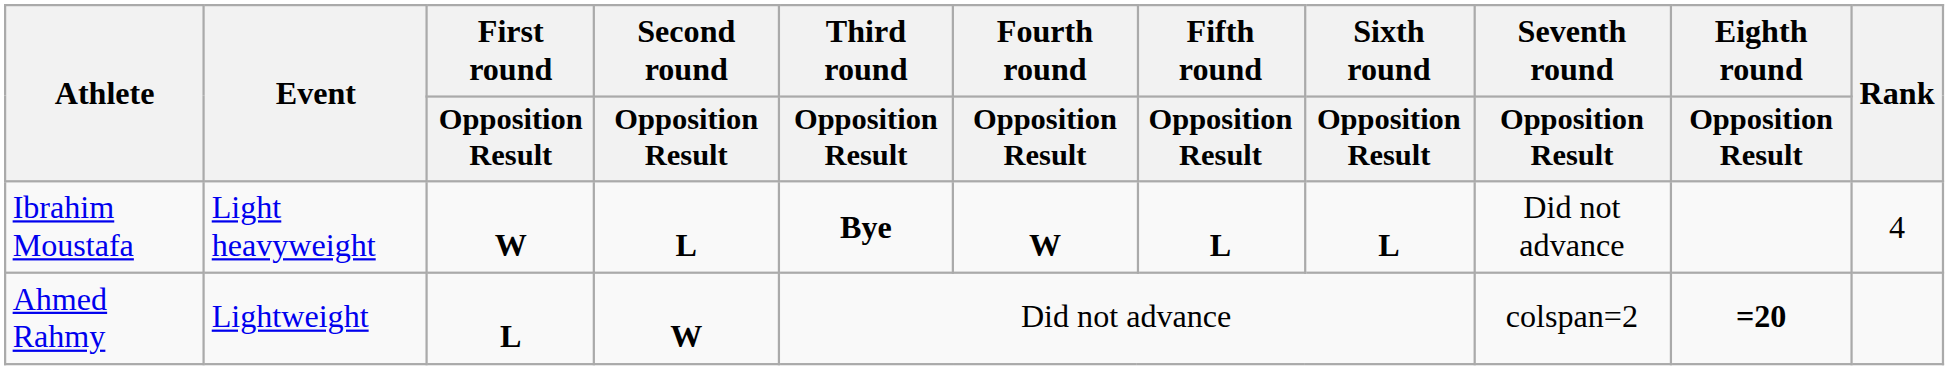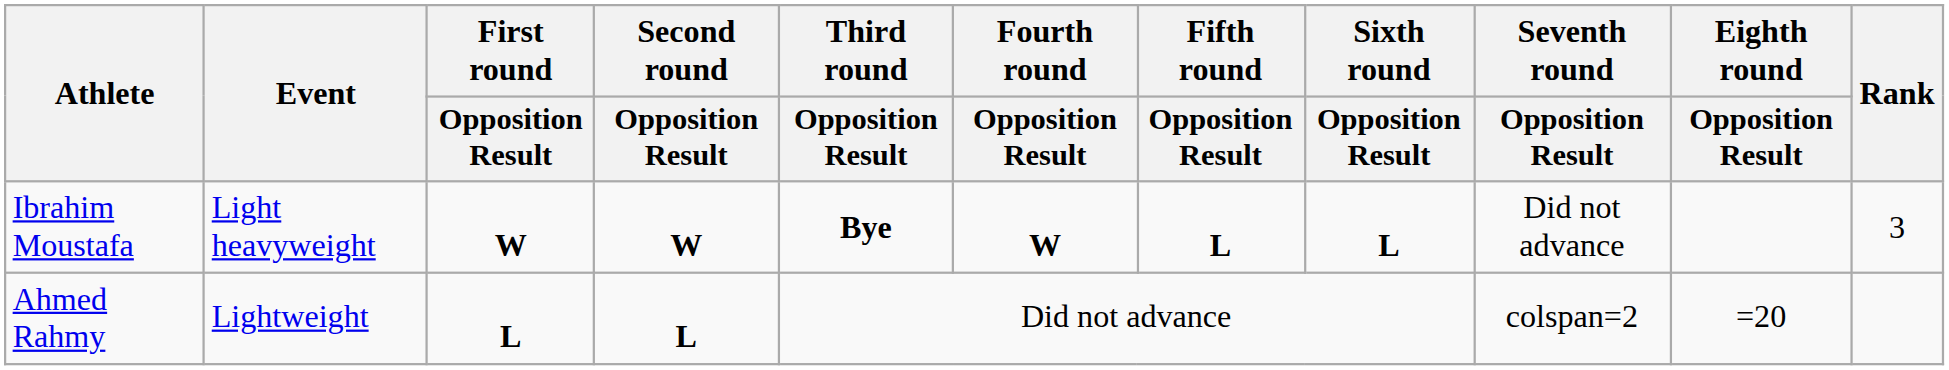 <table class="wikitable" style="font-size:90%;">
 <tr>
 <th rowspan=2>Athlete</th>
 <th rowspan=2>Event</th>
 <th>First round</th>
 <th>Second round</th>
 <th>Third round</th>
 <th>Fourth round</th>
 <th>Fifth round</th>
 <th>Sixth round</th>
 <th>Seventh round</th>
 <th>Eighth round</th>
 <th rowspan=2>Rank</th>
 </tr>
 <tr style="font-size: 95%">
 <th>Opposition<br>Result</th>
 <th>Opposition<br>Result</th>
 <th>Opposition<br>Result</th>
 <th>Opposition<br>Result</th>
 <th>Opposition<br>Result</th>
 <th>Opposition<br>Result</th>
 <th>Opposition<br>Result</th>
 <th>Opposition<br>Result</th>
 </tr>
 <tr align=center>
 <td align=left><a href='#'>Ibrahim Moustafa</a></td>
 <td align=left><a href='#'>Light heavyweight</a></td>
 <td> <br> <strong>W</strong></td>
-<td> <br> <strong>L</strong></td>
+<td> <br> <strong>W</strong></td>
 <td><strong>Bye</strong></td>
 <td> <br> <strong>W</strong></td>
 <td> <br> <strong>L</strong></td>
 <td> <br> <strong>L</strong></td>
 <td>Did not advance</td>
 <td></td>
-<td>4</td>
+<td>3</td>
 </tr>
 <tr align=center>
 <td align=left><a href='#'>Ahmed Rahmy</a></td>
 <td align=left><a href='#'>Lightweight</a></td>
 <td> <br> <strong>L</strong></td>
-<td> <br> <strong>W</strong></td>
+<td> <br> <strong>L</strong></td>
 <td colspan=4>Did not advance</td>
 <td>colspan=2 </td>
-<td><strong>=20</strong></td>
+<td>=20</td>
 </tr>
 </table>
